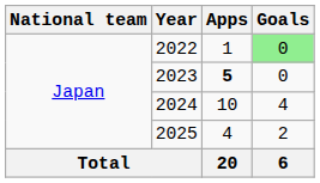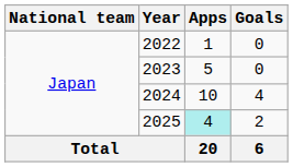 <table class="wikitable" style="text-align:center">
 <tr>
 <th>National team</th>
 <th>Year</th>
 <th>Apps</th>
 <th>Goals</th>
 </tr>
 <tr>
 <td rowspan=4><a href='#'>Japan</a></td>
 <td>2022</td>
 <td>1</td>
-<td style="background: lightgreen;">0</td>
+<td>0</td>
 </tr>
 <tr>
 <td>2023</td>
-<td><strong>5</strong></td>
+<td>5</td>
 <td>0</td>
 </tr>
 <tr>
 <td>2024</td>
 <td>10</td>
 <td>4</td>
 </tr>
 <tr>
 <td>2025</td>
-<td>4</td>
+<td style="background: paleturquoise;">4</td>
 <td>2</td>
 </tr>
 <tr>
 <th colspan="2">Total</th>
 <th>20</th>
 <th>6</th>
 </tr>
 </table>
